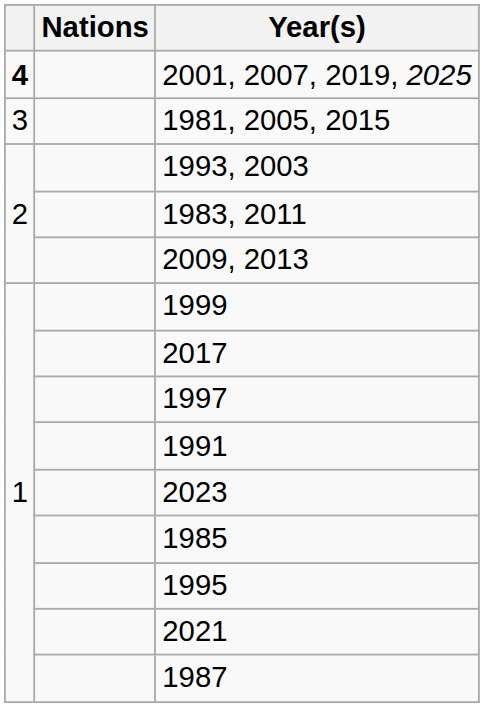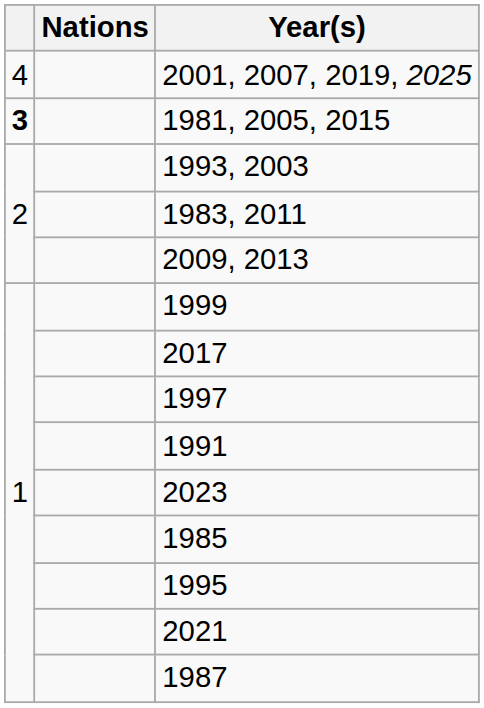 <table class="wikitable"   NOR1 GBR1  SLO1 EST1  CRO1 TUR1 ITA1>
 <tr>
 <th></th>
 <th>Nations</th>
 <th>Year(s)</th>
 </tr>
 <tr>
-<td align=center><strong>4</strong></td>
+<td align=center>4</td>
 <td></td>
 <td>2001, 2007, 2019, <em>2025</em></td>
 </tr>
 <tr>
-<td align=center>3</td>
+<td align=center><strong>3</strong></td>
 <td></td>
 <td>1981, 2005, 2015</td>
 </tr>
 <tr>
 <td align=center rowspan=3>2</td>
 <td></td>
 <td>1993, 2003</td>
 </tr>
 <tr>
 <td></td>
 <td>1983, 2011</td>
 </tr>
 <tr>
 <td></td>
 <td>2009, 2013</td>
 </tr>
 <tr>
 <td align=center rowspan=9>1</td>
 <td></td>
 <td>1999</td>
 </tr>
 <tr>
 <td></td>
 <td>2017</td>
 </tr>
 <tr>
 <td></td>
 <td>1997</td>
 </tr>
 <tr>
 <td></td>
 <td>1991</td>
 </tr>
 <tr>
 <td></td>
 <td>2023</td>
 </tr>
 <tr>
 <td></td>
 <td>1985</td>
 </tr>
 <tr>
 <td></td>
 <td>1995</td>
 </tr>
 <tr>
 <td></td>
 <td>2021</td>
 </tr>
 <tr>
 <td></td>
 <td>1987</td>
 </tr>
 </table>
